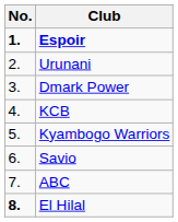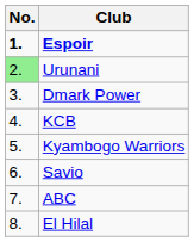 <table class="wikitable">
 <tr>
 <th>No.</th>
 <th>Club</th>
 </tr>
 <tr>
 <td><strong>1.</strong></td>
 <td><strong> <a href='#'>Espoir</a></strong></td>
 </tr>
 <tr>
-<td>2.</td>
+<td style="background: lightgreen;">2.</td>
 <td> <a href='#'>Urunani</a></td>
 </tr>
 <tr>
 <td>3.</td>
 <td> <a href='#'>Dmark Power</a></td>
 </tr>
 <tr>
 <td>4.</td>
 <td> <a href='#'>KCB</a></td>
 </tr>
 <tr>
 <td>5.</td>
 <td> <a href='#'>Kyambogo Warriors</a></td>
 </tr>
 <tr>
 <td>6.</td>
 <td> <a href='#'>Savio</a></td>
 </tr>
 <tr>
 <td>7.</td>
 <td> <a href='#'>ABC</a></td>
 </tr>
 <tr>
-<td><strong>8.</strong></td>
+<td>8.</td>
 <td> <a href='#'>El Hilal</a></td>
 </tr>
 </table>
